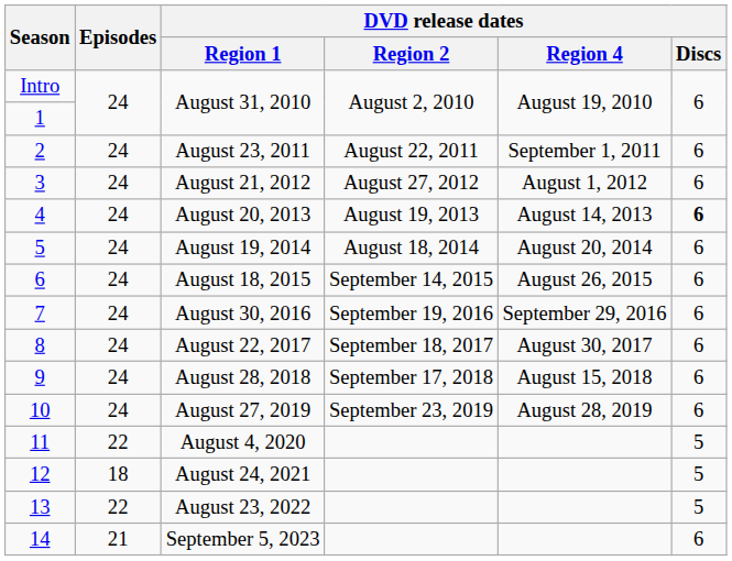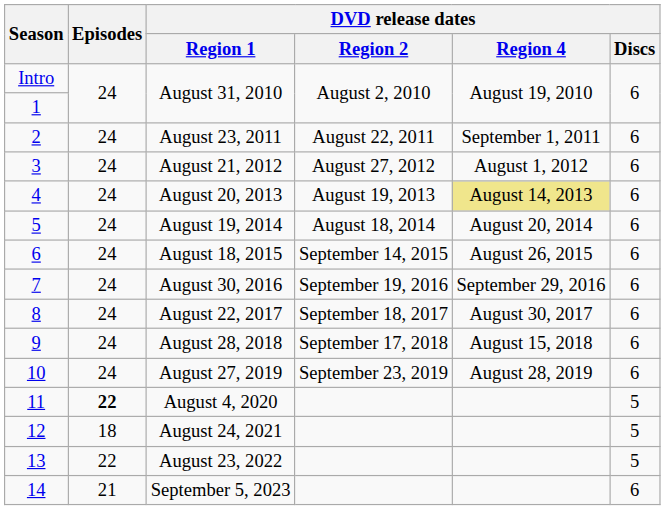 <table class="wikitable plainrowheaders" style="text-align: center;">
 <tr>
 <th scope="col" rowspan="2">Season</th>
 <th scope="col" rowspan="2">Episodes</th>
 <th scope="col" colspan="4"><a href='#'>DVD</a> release dates</th>
 </tr>
 <tr>
 <th scope="col"><a href='#'>Region 1</a></th>
 <th scope="col"><a href='#'>Region 2</a></th>
 <th scope="col"><a href='#'>Region 4</a></th>
 <th scope="col">Discs</th>
 </tr>
 <tr>
 <td scope="row"><a href='#'>Intro</a></td>
 <td rowspan="2">24</td>
 <td rowspan="2">August 31, 2010</td>
 <td rowspan="2">August 2, 2010</td>
 <td rowspan="2">August 19, 2010</td>
 <td rowspan="2">6</td>
 </tr>
 <tr>
 <td scope="row"><a href='#'>1</a></td>
 </tr>
 <tr>
 <td scope="row"><a href='#'>2</a></td>
 <td>24</td>
 <td>August 23, 2011</td>
 <td>August 22, 2011</td>
 <td>September 1, 2011</td>
 <td>6</td>
 </tr>
 <tr>
 <td scope="row"><a href='#'>3</a></td>
 <td>24</td>
 <td>August 21, 2012</td>
 <td>August 27, 2012</td>
 <td>August 1, 2012</td>
 <td>6</td>
 </tr>
 <tr>
 <td scope="row"><a href='#'>4</a></td>
 <td>24</td>
 <td>August 20, 2013</td>
 <td>August 19, 2013</td>
-<td>August 14, 2013</td>
-<td><strong>6</strong></td>
+<td style="background: khaki;">August 14, 2013</td>
+<td>6</td>
 </tr>
 <tr>
 <td scope="row"><a href='#'>5</a></td>
 <td>24</td>
 <td>August 19, 2014</td>
 <td>August 18, 2014</td>
 <td>August 20, 2014</td>
 <td>6</td>
 </tr>
 <tr>
 <td scope="row"><a href='#'>6</a></td>
 <td>24</td>
 <td>August 18, 2015</td>
 <td>September 14, 2015</td>
 <td>August 26, 2015</td>
 <td>6</td>
 </tr>
 <tr>
 <td scope="row"><a href='#'>7</a></td>
 <td>24</td>
 <td>August 30, 2016</td>
 <td>September 19, 2016</td>
 <td>September 29, 2016</td>
 <td>6</td>
 </tr>
 <tr>
 <td scope="row"><a href='#'>8</a></td>
 <td>24</td>
 <td>August 22, 2017</td>
 <td>September 18, 2017</td>
 <td>August 30, 2017</td>
 <td>6</td>
 </tr>
 <tr>
 <td scope="row"><a href='#'>9</a></td>
 <td>24</td>
 <td>August 28, 2018</td>
 <td>September 17, 2018</td>
 <td>August 15, 2018</td>
 <td>6</td>
 </tr>
 <tr>
 <td scope="row"><a href='#'>10</a></td>
 <td>24</td>
 <td>August 27, 2019</td>
 <td>September 23, 2019</td>
 <td>August 28, 2019</td>
 <td>6</td>
 </tr>
 <tr>
 <td scope="row"><a href='#'>11</a></td>
-<td>22</td>
+<td><strong>22</strong></td>
 <td>August 4, 2020</td>
 <td></td>
 <td></td>
 <td>5</td>
 </tr>
 <tr>
 <td scope="row"><a href='#'>12</a></td>
 <td>18</td>
 <td>August 24, 2021</td>
 <td></td>
 <td></td>
 <td>5</td>
 </tr>
 <tr>
 <td scope="row"><a href='#'>13</a></td>
 <td>22</td>
 <td>August 23, 2022</td>
 <td></td>
 <td></td>
 <td>5</td>
 </tr>
 <tr>
 <td scope="row"><a href='#'>14</a></td>
 <td>21</td>
 <td>September 5, 2023</td>
 <td></td>
 <td></td>
 <td>6</td>
 </tr>
 </table>
